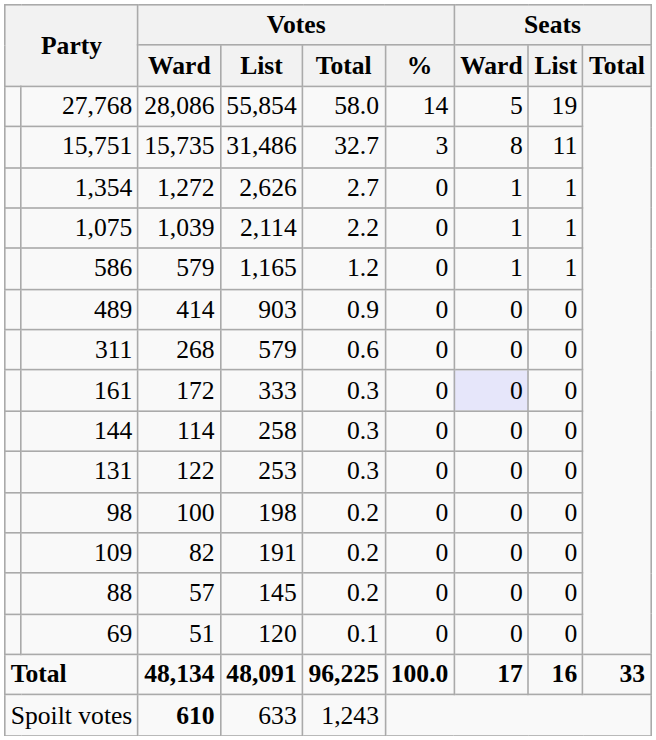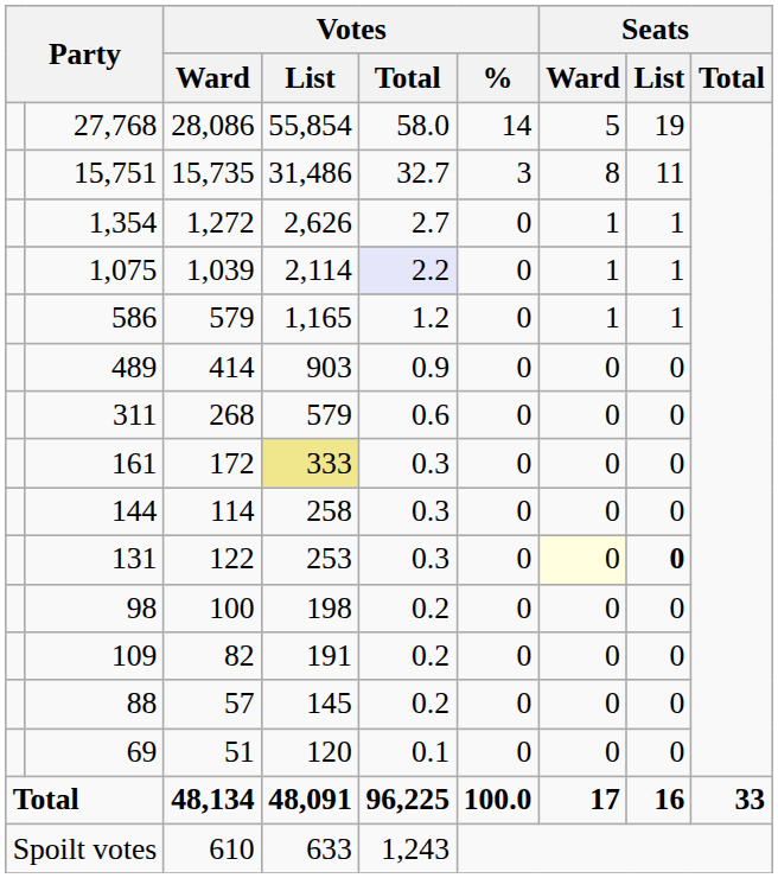 <table class=wikitable style="text-align:right">
 <tr>
 <th rowspan="2" colspan="2">Party</th>
 <th colspan="4" align="center">Votes</th>
 <th colspan="3" align="center">Seats</th>
 </tr>
 <tr>
 <th>Ward</th>
 <th>List</th>
 <th>Total</th>
 <th>%</th>
 <th>Ward</th>
 <th>List</th>
 <th>Total</th>
 </tr>
 <tr>
 <td></td>
 <td>27,768</td>
 <td>28,086</td>
 <td>55,854</td>
 <td>58.0</td>
 <td>14</td>
 <td>5</td>
 <td>19</td>
 </tr>
 <tr>
 <td></td>
 <td>15,751</td>
 <td>15,735</td>
 <td>31,486</td>
 <td>32.7</td>
 <td>3</td>
 <td>8</td>
 <td>11</td>
 </tr>
 <tr>
 <td></td>
 <td>1,354</td>
 <td>1,272</td>
 <td>2,626</td>
 <td>2.7</td>
 <td>0</td>
 <td>1</td>
 <td>1</td>
 </tr>
 <tr>
 <td></td>
 <td>1,075</td>
 <td>1,039</td>
 <td>2,114</td>
-<td>2.2</td>
+<td style="background: lavender;">2.2</td>
 <td>0</td>
 <td>1</td>
 <td>1</td>
 </tr>
 <tr>
 <td></td>
 <td>586</td>
 <td>579</td>
 <td>1,165</td>
 <td>1.2</td>
 <td>0</td>
 <td>1</td>
 <td>1</td>
 </tr>
 <tr>
 <td></td>
 <td>489</td>
 <td>414</td>
 <td>903</td>
 <td>0.9</td>
 <td>0</td>
 <td>0</td>
 <td>0</td>
 </tr>
 <tr>
 <td></td>
 <td>311</td>
 <td>268</td>
 <td>579</td>
 <td>0.6</td>
 <td>0</td>
 <td>0</td>
 <td>0</td>
 </tr>
 <tr>
 <td></td>
 <td>161</td>
 <td>172</td>
-<td>333</td>
+<td style="background: khaki;">333</td>
 <td>0.3</td>
 <td>0</td>
-<td style="background: lavender;">0</td>
+<td>0</td>
 <td>0</td>
 </tr>
 <tr>
 <td></td>
 <td>144</td>
 <td>114</td>
 <td>258</td>
 <td>0.3</td>
 <td>0</td>
 <td>0</td>
 <td>0</td>
 </tr>
 <tr>
 <td></td>
 <td>131</td>
 <td>122</td>
 <td>253</td>
 <td>0.3</td>
 <td>0</td>
-<td>0</td>
-<td>0</td>
+<td style="background: lightyellow;">0</td>
+<td><strong>0</strong></td>
 </tr>
 <tr>
 <td></td>
 <td>98</td>
 <td>100</td>
 <td>198</td>
 <td>0.2</td>
 <td>0</td>
 <td>0</td>
 <td>0</td>
 </tr>
 <tr>
 <td></td>
 <td>109</td>
 <td>82</td>
 <td>191</td>
 <td>0.2</td>
 <td>0</td>
 <td>0</td>
 <td>0</td>
 </tr>
 <tr>
 <td></td>
 <td>88</td>
 <td>57</td>
 <td>145</td>
 <td>0.2</td>
 <td>0</td>
 <td>0</td>
 <td>0</td>
 </tr>
 <tr>
 <td></td>
 <td>69</td>
 <td>51</td>
 <td>120</td>
 <td>0.1</td>
 <td>0</td>
 <td>0</td>
 <td>0</td>
 </tr>
 <tr>
 <td colspan="2" style="text-align:left"><strong>Total</strong></td>
 <td><strong>48,134</strong></td>
 <td><strong>48,091</strong></td>
 <td><strong>96,225</strong></td>
 <td><strong>100.0</strong></td>
 <td><strong>17</strong></td>
 <td><strong>16</strong></td>
 <td><strong>33</strong></td>
 </tr>
 <tr>
 <td colspan="2" style="text-align:left">Spoilt votes</td>
-<td><strong>610</strong></td>
+<td>610</td>
 <td>633</td>
 <td>1,243</td>
 </tr>
 </table>
